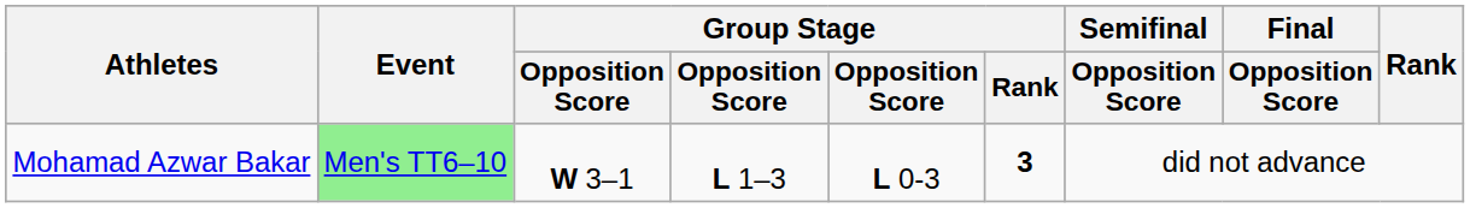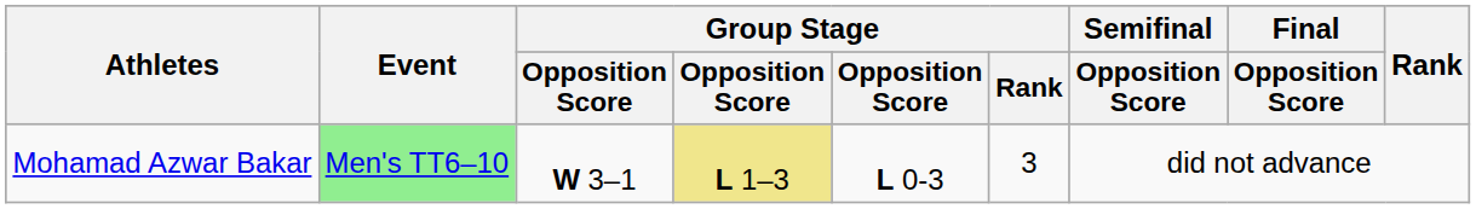 <table class="wikitable" style="font-size:90%">
 <tr>
 <th rowspan=2>Athletes</th>
 <th rowspan=2>Event</th>
 <th colspan=4>Group Stage</th>
 <th>Semifinal</th>
 <th>Final</th>
 <th rowspan=2>Rank</th>
 </tr>
 <tr style="font-size:95%">
 <th>Opposition<br>Score</th>
 <th>Opposition<br>Score</th>
 <th>Opposition<br>Score</th>
 <th>Rank</th>
 <th>Opposition<br>Score</th>
 <th>Opposition<br>Score</th>
 </tr>
 <tr align=center>
 <td align=left><a href='#'>Mohamad Azwar Bakar</a></td>
 <td align=left style="background: lightgreen;"><a href='#'>Men's TT6–10</a></td>
 <td><br><strong>W</strong> 3–1</td>
-<td><br><strong>L</strong> 1–3</td>
+<td style="background: khaki;"><br><strong>L</strong> 1–3</td>
 <td><br><strong>L</strong> 0-3</td>
-<td><strong>3</strong></td>
+<td>3</td>
 <td colspan=3>did not advance</td>
 </tr>
 </table>
